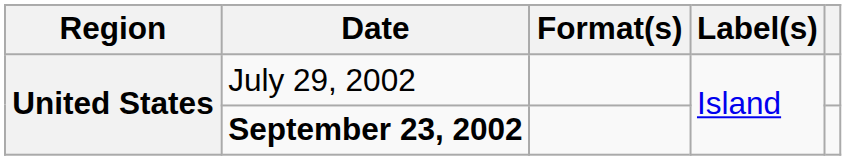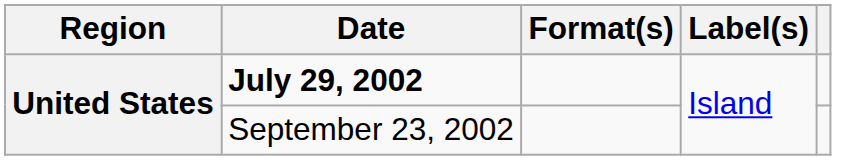 <table class="wikitable plainrowheaders">
 <tr>
 <th scope="col">Region</th>
 <th scope="col">Date</th>
 <th scope="col">Format(s)</th>
 <th scope="col">Label(s)</th>
 <th scope="col"></th>
 </tr>
 <tr>
 <th scope="row" rowspan="2">United States</th>
-<td>July 29, 2002</td>
+<td><strong>July 29, 2002</strong></td>
 <td></td>
 <td rowspan="2"><a href='#'>Island</a></td>
 <td></td>
 </tr>
 <tr>
-<td><strong>September 23, 2002</strong></td>
+<td>September 23, 2002</td>
 <td></td>
 <td></td>
 </tr>
 </table>
